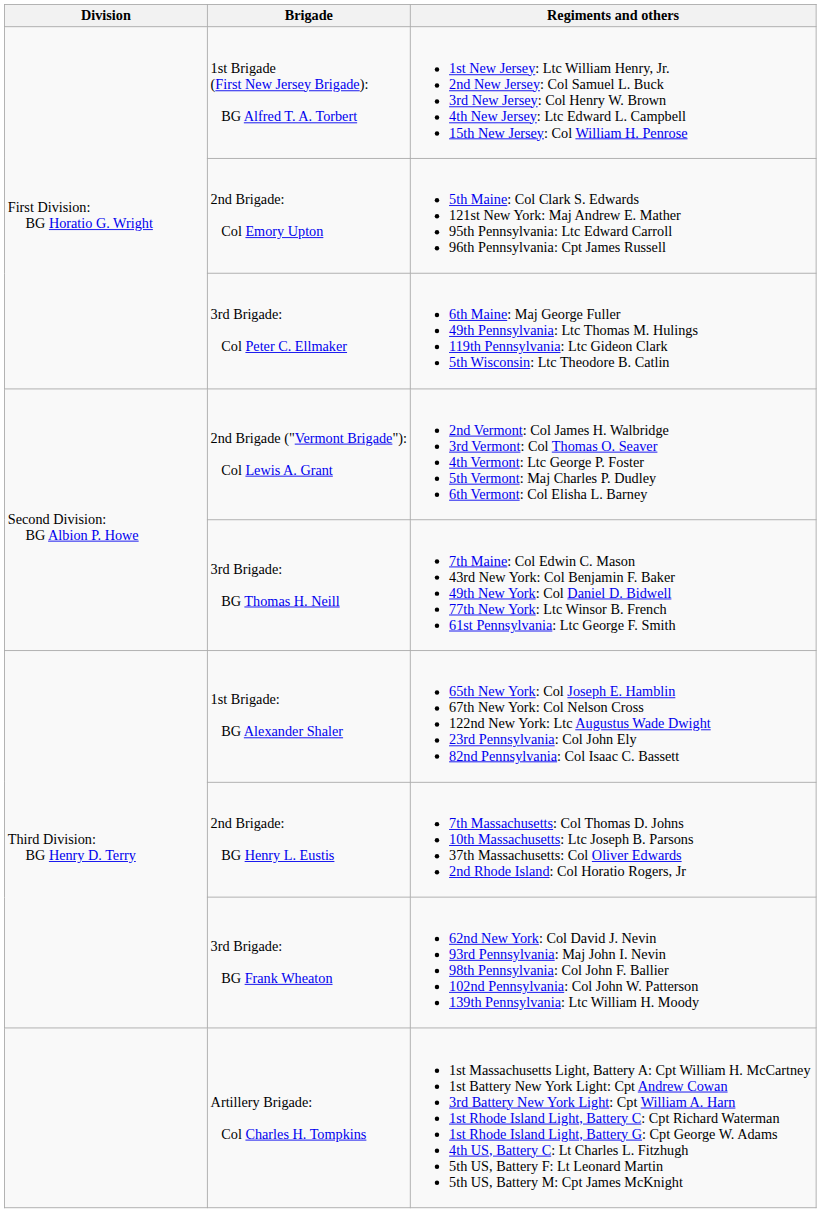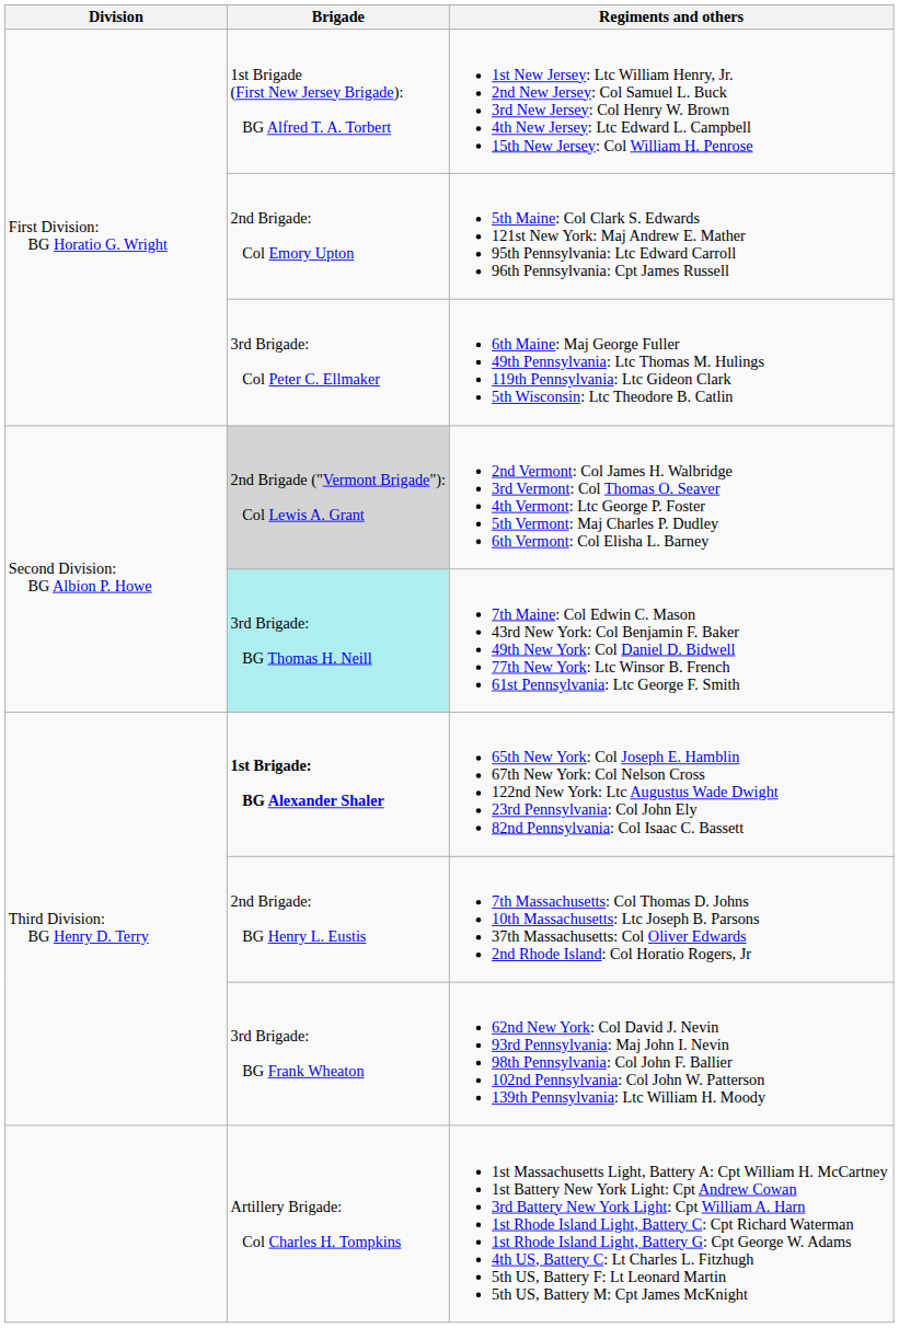 <table class="wikitable">
 <tr>
 <th width=25%>Division</th>
 <th width=25%>Brigade</th>
 <th>Regiments and others</th>
 </tr>
 <tr>
 <td rowspan=3><br>First Division: <br>     BG <a href='#'>Horatio G. Wright</a></td>
 <td>1st Brigade<br>(<a href='#'>First New Jersey Brigade</a>):<br><br>   BG <a href='#'>Alfred T. A. Torbert</a></td>
 <td><br><ul><li><a href='#'>1st New Jersey</a>: Ltc William Henry, Jr.</li><li><a href='#'>2nd New Jersey</a>: Col Samuel L. Buck</li><li><a href='#'>3rd New Jersey</a>: Col Henry W. Brown</li><li><a href='#'>4th New Jersey</a>: Ltc Edward L. Campbell</li><li><a href='#'>15th New Jersey</a>: Col <a href='#'>William H. Penrose</a></li></ul></td>
 </tr>
 <tr>
 <td>2nd Brigade:<br><br>   Col <a href='#'>Emory Upton</a></td>
 <td><br><ul><li><a href='#'>5th Maine</a>: Col Clark S. Edwards</li><li>121st New York: Maj Andrew E. Mather</li><li>95th Pennsylvania: Ltc Edward Carroll</li><li>96th Pennsylvania: Cpt James Russell</li></ul></td>
 </tr>
 <tr>
 <td>3rd Brigade:<br><br>   Col <a href='#'>Peter C. Ellmaker</a></td>
 <td><br><ul><li><a href='#'>6th Maine</a>: Maj George Fuller</li><li><a href='#'>49th Pennsylvania</a>: Ltc Thomas M. Hulings</li><li><a href='#'>119th Pennsylvania</a>: Ltc Gideon Clark</li><li><a href='#'>5th Wisconsin</a>: Ltc Theodore B. Catlin</li></ul></td>
 </tr>
 <tr>
 <td rowspan=2><br>Second Division: <br>     BG <a href='#'>Albion P. Howe</a></td>
-<td>2nd Brigade ("<a href='#'>Vermont Brigade</a>"):<br><br>   Col <a href='#'>Lewis A. Grant</a></td>
+<td style="background: lightgrey;">2nd Brigade ("<a href='#'>Vermont Brigade</a>"):<br><br>   Col <a href='#'>Lewis A. Grant</a></td>
 <td><br><ul><li><a href='#'>2nd Vermont</a>: Col James H. Walbridge</li><li><a href='#'>3rd Vermont</a>: Col <a href='#'>Thomas O. Seaver</a></li><li><a href='#'>4th Vermont</a>: Ltc George P. Foster</li><li><a href='#'>5th Vermont</a>: Maj Charles P. Dudley</li><li><a href='#'>6th Vermont</a>: Col Elisha L. Barney</li></ul></td>
 </tr>
 <tr>
-<td>3rd Brigade:<br><br>   BG <a href='#'>Thomas H. Neill</a></td>
+<td style="background: paleturquoise;">3rd Brigade:<br><br>   BG <a href='#'>Thomas H. Neill</a></td>
 <td><br><ul><li><a href='#'>7th Maine</a>: Col Edwin C. Mason</li><li>43rd New York: Col Benjamin F. Baker</li><li><a href='#'>49th New York</a>: Col <a href='#'>Daniel D. Bidwell</a></li><li><a href='#'>77th New York</a>: Ltc Winsor B. French</li><li><a href='#'>61st Pennsylvania</a>: Ltc George F. Smith</li></ul></td>
 </tr>
 <tr>
 <td rowspan=3><br>Third Division: <br>     BG <a href='#'>Henry D. Terry</a></td>
-<td>1st Brigade:<br><br>   BG <a href='#'>Alexander Shaler</a></td>
+<td><strong>1st Brigade:<br><br>   BG <a href='#'>Alexander Shaler</a></strong></td>
 <td><br><ul><li><a href='#'>65th New York</a>: Col <a href='#'>Joseph E. Hamblin</a></li><li>67th New York: Col Nelson Cross</li><li>122nd New York: Ltc <a href='#'>Augustus Wade Dwight</a></li><li><a href='#'>23rd Pennsylvania</a>: Col John Ely</li><li><a href='#'>82nd Pennsylvania</a>: Col Isaac C. Bassett</li></ul></td>
 </tr>
 <tr>
 <td>2nd Brigade:<br><br>   BG <a href='#'>Henry L. Eustis</a></td>
 <td><br><ul><li><a href='#'>7th Massachusetts</a>: Col Thomas D. Johns</li><li><a href='#'>10th Massachusetts</a>: Ltc Joseph B. Parsons</li><li>37th Massachusetts: Col <a href='#'>Oliver Edwards</a></li><li><a href='#'>2nd Rhode Island</a>: Col Horatio Rogers, Jr</li></ul></td>
 </tr>
 <tr>
 <td>3rd Brigade:<br><br>   BG <a href='#'>Frank Wheaton</a></td>
 <td><br><ul><li><a href='#'>62nd New York</a>: Col David J. Nevin</li><li><a href='#'>93rd Pennsylvania</a>: Maj John I. Nevin</li><li><a href='#'>98th Pennsylvania</a>: Col John F. Ballier</li><li><a href='#'>102nd Pennsylvania</a>: Col John W. Patterson</li><li><a href='#'>139th Pennsylvania</a>: Ltc William H. Moody</li></ul></td>
 </tr>
 <tr>
 <td></td>
 <td>Artillery Brigade:<br><br>   Col <a href='#'>Charles H. Tompkins</a></td>
 <td><br><ul><li>1st Massachusetts Light, Battery A: Cpt William H. McCartney</li><li>1st Battery New York Light: Cpt <a href='#'>Andrew Cowan</a></li><li><a href='#'>3rd Battery New York Light</a>: Cpt <a href='#'>William A. Harn</a></li><li><a href='#'>1st Rhode Island Light, Battery C</a>: Cpt Richard Waterman</li><li><a href='#'>1st Rhode Island Light, Battery G</a>: Cpt George W. Adams</li><li><a href='#'>4th US, Battery C</a>: Lt Charles L. Fitzhugh</li><li>5th US, Battery F: Lt Leonard Martin</li><li>5th US, Battery M: Cpt James McKnight</li></ul></td>
 </tr>
 </table>
